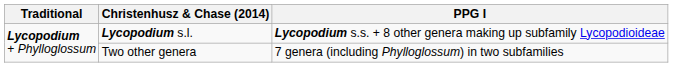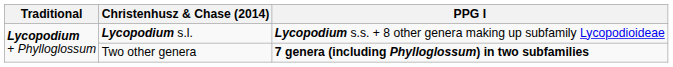 <table class="wikitable">
 <tr>
 <th>Traditional</th>
 <th>Christenhusz & Chase (2014)</th>
 <th>PPG I</th>
 </tr>
 <tr>
 <td rowspan=2><strong><em>Lycopodium</em></strong><br>+ <em>Phylloglossum</em></td>
 <td><strong><em>Lycopodium</em></strong> s.l.</td>
 <td><strong><em>Lycopodium</em></strong> s.s. + 8 other genera making up subfamily <a href='#'>Lycopodioideae</a></td>
 </tr>
 <tr>
 <td>Two other genera</td>
-<td>7 genera (including <em>Phylloglossum</em>) in two subfamilies</td>
+<td><strong>7 genera (including <em>Phylloglossum</em>) in two subfamilies</strong></td>
 </tr>
 </table>
